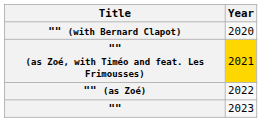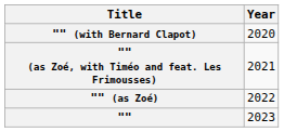 <table class="wikitable plainrowheaders" style="text-align:center;">
 <tr>
 <th scope="col" rowspan="1" style="width:20em;">Title</th>
 <th scope="col" rowspan="1" style="width:1em;">Year</th>
 </tr>
 <tr>
 <th scope="row">"" <small>(with Bernard Clapot)</small></th>
 <td>2020</td>
 </tr>
 <tr>
 <th scope="row">""<br><small>(as Zoé, with Timéo and feat. Les Frimousses)</small></th>
-<td style="background: gold;">2021</td>
+<td>2021</td>
 </tr>
 <tr>
 <th scope="row">"" <small>(as Zoé)</small></th>
 <td>2022</td>
 </tr>
 <tr>
 <th scope="row">""</th>
 <td>2023</td>
 </tr>
 </table>
